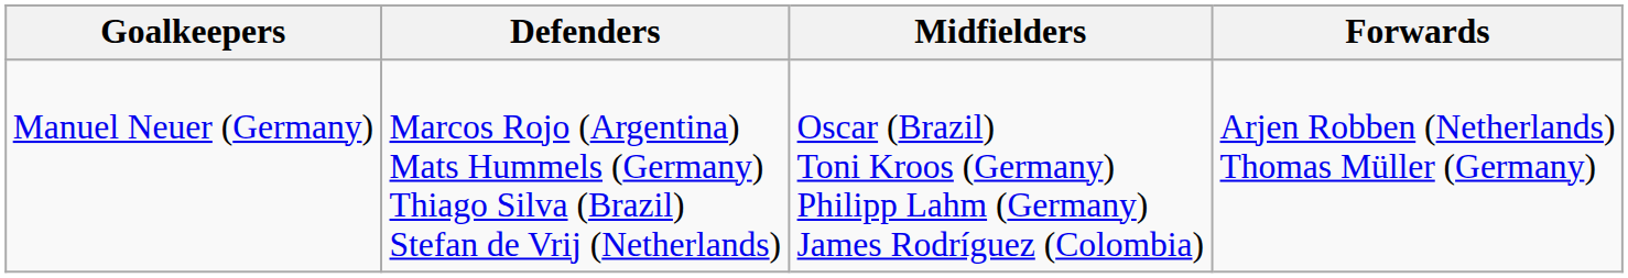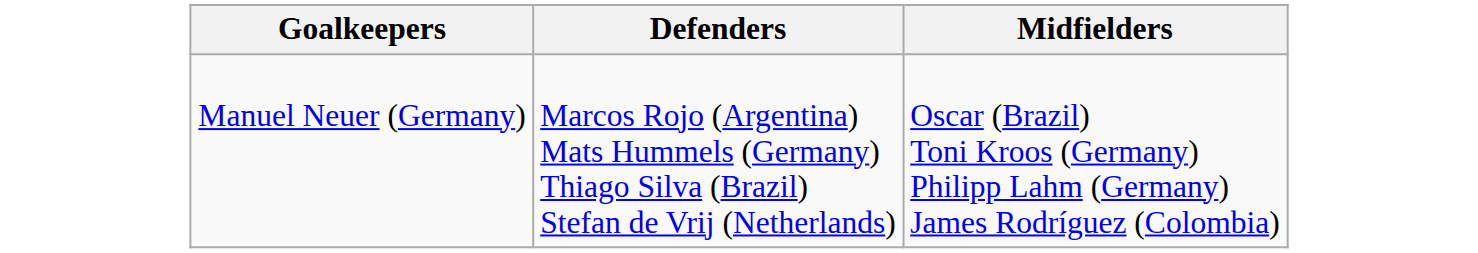 <table class="wikitable" style="mArgin: 0 auto;">
 <tr>
 <th>Goalkeepers</th>
 <th>Defenders</th>
 <th>Midfielders</th>
-<th>Forwards</th>
 </tr>
 <tr>
 <td valign=top><br><a href='#'>Manuel Neuer</a> (<a href='#'>Germany</a>)</td>
 <td valign=top><br><a href='#'>Marcos Rojo</a> (<a href='#'>Argentina</a>)<br> <a href='#'>Mats Hummels</a> (<a href='#'>Germany</a>)<br> <a href='#'>Thiago Silva</a> (<a href='#'>Brazil</a>)<br> <a href='#'>Stefan de Vrij</a> (<a href='#'>Netherlands</a>)</td>
 <td valign=top><br><a href='#'>Oscar</a> (<a href='#'>Brazil</a>)<br> <a href='#'>Toni Kroos</a> (<a href='#'>Germany</a>)<br> <a href='#'>Philipp Lahm</a> (<a href='#'>Germany</a>)<br> <a href='#'>James Rodríguez</a> (<a href='#'>Colombia</a>)</td>
-<td valign=top><br><a href='#'>Arjen Robben</a> (<a href='#'>Netherlands</a>)<br> <a href='#'>Thomas Müller</a> (<a href='#'>Germany</a>)</td>
 </tr>
 </table>
